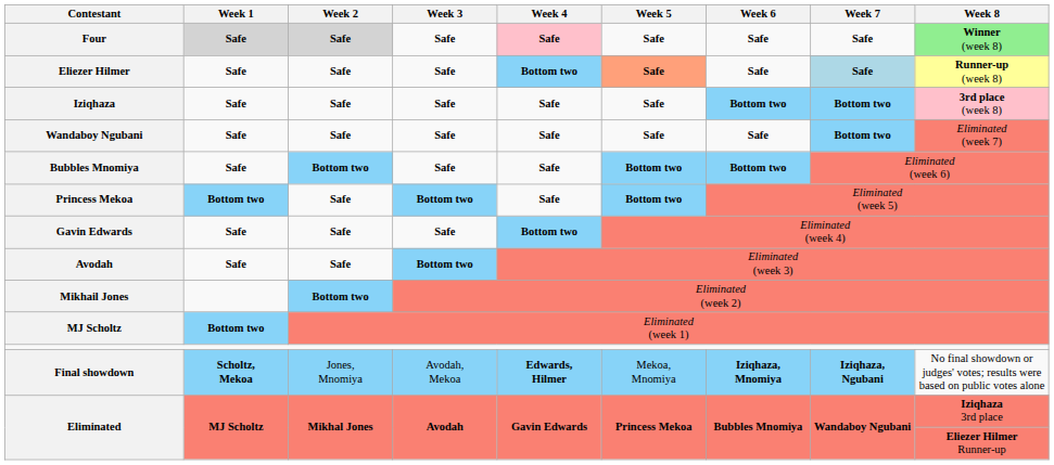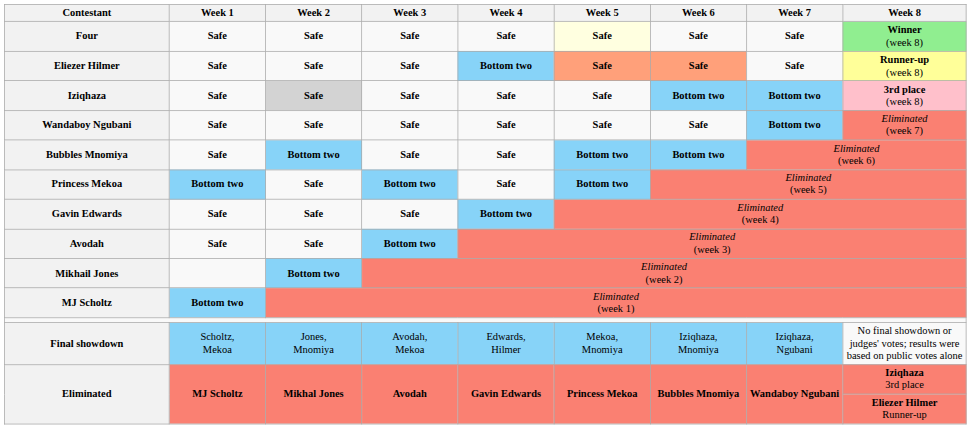 <table class="wikitable" style="text-align:center; font-size:85%">
 <tr>
 <th style="width:12%">Contestant</th>
 <th style="width:7%">Week 1</th>
 <th style="width:7%">Week 2</th>
 <th style="width:7%">Week 3</th>
 <th style="width:7%">Week 4</th>
 <th style="width:7%">Week 5</th>
 <th style="width:7%">Week 6</th>
 <th style="width:7%">Week 7</th>
 <th style="width:9%">Week 8</th>
 </tr>
 <tr>
 <th>Four</th>
-<td style="background: lightgrey;"><strong>Safe</strong></td>
-<td style="background: lightgrey;"><strong>Safe</strong></td>
 <td><strong>Safe</strong></td>
-<td style="background: pink;"><strong>Safe</strong></td>
 <td><strong>Safe</strong></td>
+<td><strong>Safe</strong></td>
+<td><strong>Safe</strong></td>
+<td style="background: lightyellow;"><strong>Safe</strong></td>
 <td><strong>Safe</strong></td>
 <td><strong>Safe</strong></td>
 <td style="background:lightgreen"><strong>Winner</strong><br>(week 8)</td>
 </tr>
 <tr>
 <th>Eliezer Hilmer</th>
 <td><strong>Safe</strong></td>
 <td><strong>Safe</strong></td>
 <td><strong>Safe</strong></td>
 <td style = "background:#87D3F8"><strong>Bottom two</strong></td>
 <td style="background: lightsalmon;"><strong>Safe</strong></td>
+<td style="background: lightsalmon;"><strong>Safe</strong></td>
 <td><strong>Safe</strong></td>
-<td style="background: lightblue;"><strong>Safe</strong></td>
 <td style = "background:#FF9"><strong>Runner-up</strong><br>(week 8)</td>
 </tr>
 <tr>
 <th>Iziqhaza</th>
 <td><strong>Safe</strong></td>
-<td><strong>Safe</strong></td>
+<td style="background: lightgrey;"><strong>Safe</strong></td>
 <td><strong>Safe</strong></td>
 <td><strong>Safe</strong></td>
 <td><strong>Safe</strong></td>
 <td style = "background:#87D3F8"><strong>Bottom two</strong></td>
 <td style = "background:#87D3F8"><strong>Bottom two</strong></td>
 <td style = "background:pink"><strong>3rd place</strong><br>(week 8)</td>
 </tr>
 <tr>
 <th>Wandaboy Ngubani</th>
 <td><strong>Safe</strong></td>
 <td><strong>Safe</strong></td>
 <td><strong>Safe</strong></td>
 <td><strong>Safe</strong></td>
 <td><strong>Safe</strong></td>
 <td><strong>Safe</strong></td>
 <td style = "background:#87D3F8"><strong>Bottom two</strong></td>
 <td style="background:#FA8072" colspan=2><em>Eliminated</em><br>(week 7)</td>
 </tr>
 <tr>
 <th>Bubbles Mnomiya</th>
 <td><strong>Safe</strong></td>
 <td style = "background:#87D3F8"><strong>Bottom two</strong></td>
 <td><strong>Safe</strong></td>
 <td><strong>Safe</strong></td>
 <td style = "background:#87D3F8"><strong>Bottom two</strong></td>
 <td style = "background:#87D3F8"><strong>Bottom two</strong></td>
 <td style = "background:#FA8072" colspan=3><em>Eliminated</em><br>(week 6)</td>
 </tr>
 <tr>
 <th>Princess Mekoa</th>
 <td style = "background:#87D3F8"><strong>Bottom two</strong></td>
 <td><strong>Safe</strong></td>
 <td style = "background:#87D3F8"><strong>Bottom two</strong></td>
 <td><strong>Safe</strong></td>
 <td style = "background:#87D3F8"><strong>Bottom two</strong></td>
 <td style = "background:#FA8072" colspan=4><em>Eliminated</em><br>(week 5)</td>
 </tr>
 <tr>
 <th>Gavin Edwards</th>
 <td><strong>Safe</strong></td>
 <td><strong>Safe</strong></td>
 <td><strong>Safe</strong></td>
 <td style = "background:#87D3F8"><strong>Bottom two</strong></td>
 <td style = "background:#FA8072" colspan=5><em>Eliminated</em><br>(week 4)</td>
 </tr>
 <tr>
 <th>Avodah</th>
 <td><strong>Safe</strong></td>
 <td><strong>Safe</strong></td>
 <td style = "background:#87D3F8"><strong>Bottom two</strong></td>
 <td style = "background:#FA8072" colspan=6><em>Eliminated</em><br>(week 3)</td>
 </tr>
 <tr>
 <th>Mikhail Jones</th>
 <td></td>
 <td style = "background:#87D3F8"><strong>Bottom two</strong></td>
 <td style = "background:#FA8072" colspan=7><em>Eliminated</em><br>(week 2)</td>
 </tr>
 <tr>
 <th>MJ Scholtz</th>
 <td style = "background:#87D3F8"><strong>Bottom two</strong></td>
 <td style = "background:#FA8072" colspan=7><em>Eliminated</em><br>(week 1)</td>
 </tr>
 <tr>
 <td colspan="10"></td>
 </tr>
 <tr>
 <th>Final showdown</th>
-<td style   = "background:#87D3F8"><strong>Scholtz,<br>Mekoa</strong></td>
+<td style   = "background:#87D3F8">Scholtz,<br>Mekoa</td>
 <td style   = "background:#87D3F8">Jones,<br>Mnomiya</td>
 <td style   = "background:#87D3F8">Avodah,<br>Mekoa</td>
-<td style   = "background:#87D3F8"><strong>Edwards,<br>Hilmer</strong></td>
+<td style   = "background:#87D3F8">Edwards,<br>Hilmer</td>
 <td style   = "background:#87D3F8">Mekoa,<br>Mnomiya</td>
-<td style   = "background:#87D3F8"><strong>Iziqhaza,<br>Mnomiya</strong></td>
-<td style   = "background:#87D3F8"><strong>Iziqhaza,<br>Ngubani</strong></td>
+<td style   = "background:#87D3F8">Iziqhaza,<br>Mnomiya</td>
+<td style   = "background:#87D3F8">Iziqhaza,<br>Ngubani</td>
 <td>No final showdown or judges' votes; results were based on public votes alone</td>
 </tr>
 <tr>
 <th rowspan="2">Eliminated</th>
 <td rowspan="2" style = "background:#FA8072"><strong>MJ Scholtz</strong></td>
 <td rowspan="2" style = "background:#FA8072"><strong>Mikhal Jones</strong></td>
 <td rowspan="2" style = "background:#FA8072"><strong>Avodah</strong></td>
 <td rowspan="2" style = "background:#FA8072"><strong>Gavin Edwards</strong></td>
 <td rowspan="2" style = "background:#FA8072"><strong>Princess Mekoa</strong></td>
 <td rowspan="2"  style = "background:#FA8072"><strong>Bubbles Mnomiya</strong></td>
 <td rowspan="2"  style = "background:#FA8072"><strong>Wandaboy Ngubani</strong></td>
 <td style = "background:#FA8072"><strong>Iziqhaza</strong><br>3rd place<br></td>
 </tr>
 <tr>
 <td style = "background:#FA8072"><strong>Eliezer Hilmer</strong><br>Runner-up<br></td>
 </tr>
 </table>
